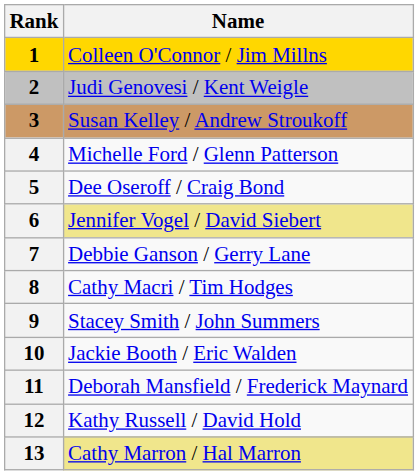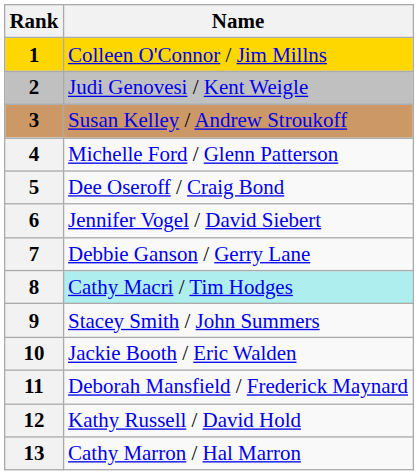 <table class="wikitable">
 <tr>
 <th>Rank</th>
 <th>Name</th>
 </tr>
 <tr bgcolor="gold">
 <td align="center"><strong>1</strong></td>
 <td><a href='#'>Colleen O'Connor</a> / <a href='#'>Jim Millns</a></td>
 </tr>
 <tr bgcolor="silver">
 <td align="center"><strong>2</strong></td>
 <td><a href='#'>Judi Genovesi</a> / <a href='#'>Kent Weigle</a></td>
 </tr>
 <tr bgcolor="cc9966">
 <td align="center"><strong>3</strong></td>
 <td><a href='#'>Susan Kelley</a> / <a href='#'>Andrew Stroukoff</a></td>
 </tr>
 <tr>
 <th>4</th>
 <td><a href='#'>Michelle Ford</a> / <a href='#'>Glenn Patterson</a></td>
 </tr>
 <tr>
 <th>5</th>
 <td><a href='#'>Dee Oseroff</a> / <a href='#'>Craig Bond</a></td>
 </tr>
 <tr>
 <th>6</th>
-<td style="background: khaki;"><a href='#'>Jennifer Vogel</a> / <a href='#'>David Siebert</a></td>
+<td><a href='#'>Jennifer Vogel</a> / <a href='#'>David Siebert</a></td>
 </tr>
 <tr>
 <th>7</th>
 <td><a href='#'>Debbie Ganson</a> / <a href='#'>Gerry Lane</a></td>
 </tr>
 <tr>
 <th>8</th>
-<td><a href='#'>Cathy Macri</a> / <a href='#'>Tim Hodges</a></td>
+<td style="background: paleturquoise;"><a href='#'>Cathy Macri</a> / <a href='#'>Tim Hodges</a></td>
 </tr>
 <tr>
 <th>9</th>
 <td><a href='#'>Stacey Smith</a> / <a href='#'>John Summers</a></td>
 </tr>
 <tr>
 <th>10</th>
 <td><a href='#'>Jackie Booth</a> / <a href='#'>Eric Walden</a></td>
 </tr>
 <tr>
 <th>11</th>
 <td><a href='#'>Deborah Mansfield</a> / <a href='#'>Frederick Maynard</a></td>
 </tr>
 <tr>
 <th>12</th>
 <td><a href='#'>Kathy Russell</a> / <a href='#'>David Hold</a></td>
 </tr>
 <tr>
 <th>13</th>
-<td style="background: khaki;"><a href='#'>Cathy Marron</a> / <a href='#'>Hal Marron</a></td>
+<td><a href='#'>Cathy Marron</a> / <a href='#'>Hal Marron</a></td>
 </tr>
 </table>
